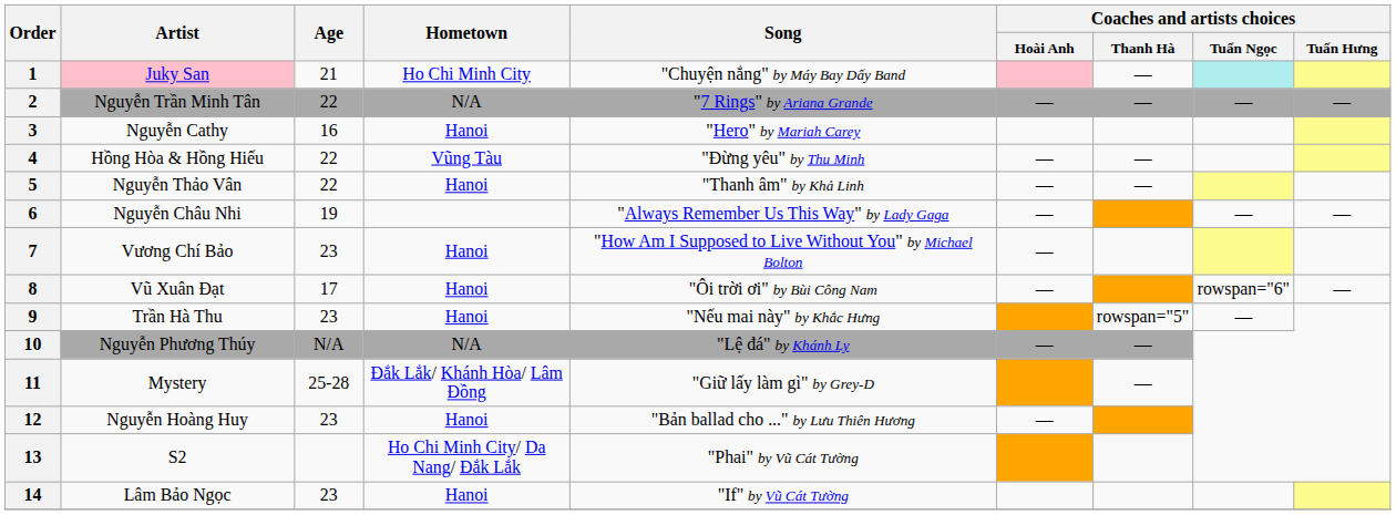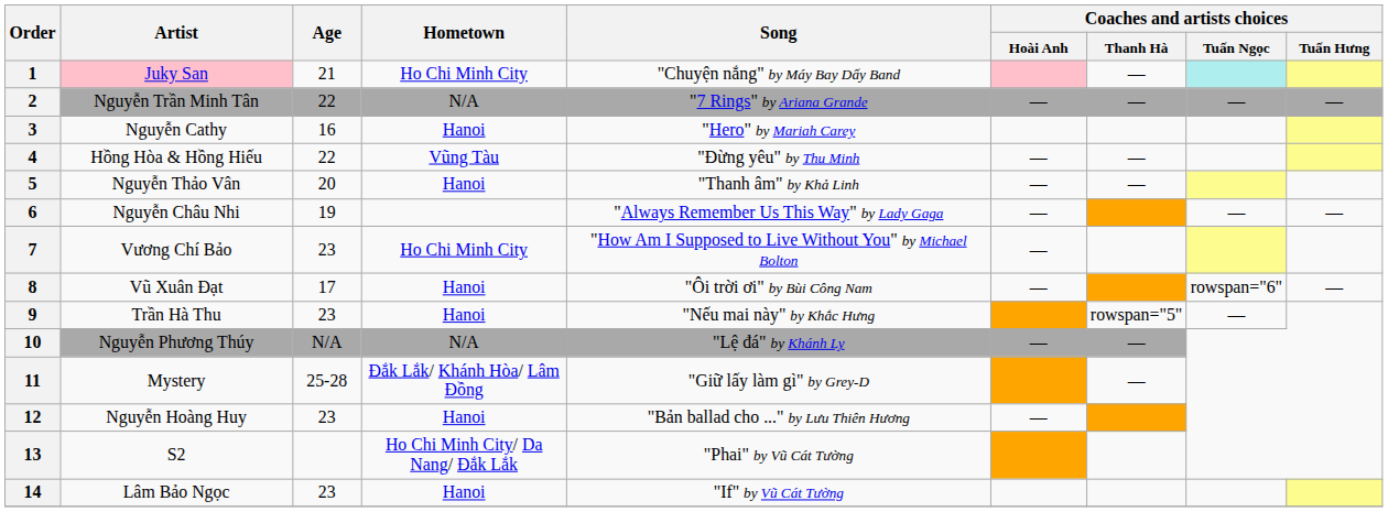 <table class="wikitable" style="text-align:center; width:100%;">
 <tr>
 <th scope="col" rowspan="2" style="width:04%;">Order</th>
 <th scope="col" rowspan="2" style="width:17%;">Artist</th>
 <th scope="col" rowspan="2" style="width:05%;">Age</th>
 <th scope="col" rowspan="2" style="width:15%;">Hometown</th>
 <th scope="col" rowspan="2" style="width:31%;">Song</th>
 <th colspan="4" style="width:28%;">Coaches and artists choices</th>
 </tr>
 <tr>
 <th style="width:07%;"><small>Hoài Anh</small></th>
 <th style="width:07%;"><small>Thanh Hà</small></th>
 <th style="width:07%;"><small>Tuấn Ngọc</small></th>
 <th style="width:07%;"><small>Tuấn Hưng</small></th>
 </tr>
 <tr>
 <th>1</th>
 <td style="background:pink;"><a href='#'>Juky San</a></td>
 <td>21</td>
 <td><a href='#'>Ho Chi Minh City</a></td>
 <td>"Chuyện nắng" <small><em>by Máy Bay Dấy Band</em></small></td>
 <td style="background:pink;text-align:center;"></td>
 <td style="text-align:center;">—</td>
 <td style="background:#afeeee;text-align:center;"></td>
 <td style="background:#fdfc8f;text-align:center;"></td>
 </tr>
 <tr>
 <th>2</th>
 <td style="background:darkgrey;">Nguyễn Trần Minh Tân</td>
 <td style="background:darkgrey;">22</td>
 <td style="background:darkgrey;">N/A</td>
 <td style="background:darkgrey;">"<a href='#'>7 Rings</a>" <small><em>by <a href='#'>Ariana Grande</a></em></small></td>
 <td style="background:darkgrey;text-align:center;">—</td>
 <td style="background:darkgrey;text-align:center;">—</td>
 <td style="background:darkgrey;text-align:center;">—</td>
 <td style="background:darkgrey;text-align:center;">—</td>
 </tr>
 <tr>
 <th>3</th>
 <td>Nguyễn Cathy</td>
 <td>16</td>
 <td><a href='#'>Hanoi</a></td>
 <td>"<a href='#'>Hero</a>" <small><em>by <a href='#'>Mariah Carey</a></em></small></td>
 <td style="text-align:center;"></td>
 <td style="text-align:center;"></td>
 <td style="text-align:center;"></td>
 <td style="background:#fdfc8f;text-align:center;"></td>
 </tr>
 <tr>
 <th>4</th>
 <td>Hồng Hòa & Hồng Hiếu</td>
 <td>22</td>
 <td><a href='#'>Vũng Tàu</a></td>
 <td>"Đừng yêu" <small><em>by <a href='#'>Thu Minh</a></em></small></td>
 <td style="text-align:center;">—</td>
 <td style="text-align:center;">—</td>
 <td style="text-align:center;"></td>
 <td style="background:#fdfc8f;text-align:center;"></td>
 </tr>
 <tr>
 <th>5</th>
 <td>Nguyễn Thảo Vân</td>
-<td>22</td>
+<td>20</td>
 <td><a href='#'>Hanoi</a></td>
 <td>"Thanh âm" <small><em>by Khả Linh</em></small></td>
 <td style="text-align:center;">—</td>
 <td style="text-align:center;">—</td>
 <td style="background:#fdfc8f;text-align:center;"></td>
 <td style="text-align:center;"></td>
 </tr>
 <tr>
 <th>6</th>
 <td>Nguyễn Châu Nhi</td>
 <td>19</td>
 <td></td>
 <td>"<a href='#'>Always Remember Us This Way</a>" <small><em>by <a href='#'>Lady Gaga</a></em></small></td>
 <td style="text-align:center;">—</td>
 <td style="background:orange;text-align:center;"></td>
 <td style="text-align:center;">—</td>
 <td style="text-align:center;">—</td>
 </tr>
 <tr>
 <th>7</th>
 <td>Vương Chí Bảo</td>
 <td>23</td>
-<td><a href='#'>Hanoi</a></td>
+<td><a href='#'>Ho Chi Minh City</a></td>
 <td>"<a href='#'>How Am I Supposed to Live Without You</a>" <small><em>by <a href='#'>Michael Bolton</a></em></small></td>
 <td style="text-align:center;">—</td>
 <td style="text-align:center;"></td>
 <td style="background:#fdfc8f;text-align:center;"></td>
 <td style="text-align:center;"></td>
 </tr>
 <tr>
 <th>8</th>
 <td>Vũ Xuân Đạt</td>
 <td>17</td>
 <td><a href='#'>Hanoi</a></td>
 <td>"Ôi trời ơi" <small><em>by Bùi Công Nam</em></small></td>
 <td style="text-align:center;">—</td>
 <td style="background:orange;text-align:center;"></td>
 <td>rowspan="6" </td>
 <td style="text-align:center;">—</td>
 </tr>
 <tr>
 <th>9</th>
 <td>Trần Hà Thu</td>
 <td>23</td>
 <td><a href='#'>Hanoi</a></td>
 <td>"Nếu mai này" <small><em>by Khắc Hưng</em></small></td>
 <td style="background:orange;text-align:center;"></td>
 <td>rowspan="5" </td>
 <td style="text-align:center;">—</td>
 </tr>
 <tr>
 <th>10</th>
 <td style="background:darkgrey;">Nguyễn Phương Thúy</td>
 <td style="background:darkgrey;">N/A</td>
 <td style="background:darkgrey;">N/A</td>
 <td style="background:darkgrey;">"Lệ đá" <small><em>by <a href='#'>Khánh Ly</a></em></small></td>
 <td style="background:darkgrey;text-align:center;">—</td>
 <td style="background:darkgrey;text-align:center;">—</td>
 </tr>
 <tr>
 <th>11</th>
 <td>Mystery</td>
 <td>25-28</td>
 <td><a href='#'>Đắk Lắk</a>/ <a href='#'>Khánh Hòa</a>/ <a href='#'>Lâm Đồng</a></td>
 <td>"Giữ lấy làm gì" <small><em>by Grey-D</em></small></td>
 <td style="background:orange;text-align:center;"></td>
 <td style="text-align:center;">—</td>
 </tr>
 <tr>
 <th>12</th>
 <td>Nguyễn Hoàng Huy</td>
 <td>23</td>
 <td><a href='#'>Hanoi</a></td>
 <td>"Bản ballad cho ..." <small><em>by Lưu Thiên Hương</em></small></td>
 <td style="text-align:center;">—</td>
 <td style="background:orange;text-align:center;"></td>
 </tr>
 <tr>
 <th>13</th>
 <td>S2</td>
 <td></td>
 <td><a href='#'>Ho Chi Minh City</a>/ <a href='#'>Da Nang</a>/ <a href='#'>Đắk Lắk</a></td>
 <td>"Phai" <small><em>by Vũ Cát Tường</em></small></td>
 <td style="background:orange;text-align:center;"></td>
 <td></td>
 </tr>
 <tr>
 <th>14</th>
 <td>Lâm Bảo Ngọc</td>
 <td>23</td>
 <td><a href='#'>Hanoi</a></td>
 <td>"If" <small><em>by <a href='#'>Vũ Cát Tường</a></em></small></td>
 <td style="text-align:center;"></td>
 <td style="text-align:center;"></td>
 <td style="text-align:center;"></td>
 <td style="background:#fdfc8f;text-align:center;"></td>
 </tr>
 <tr>
 </tr>
 </table>
